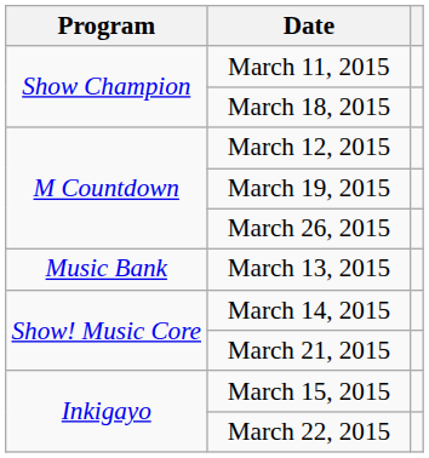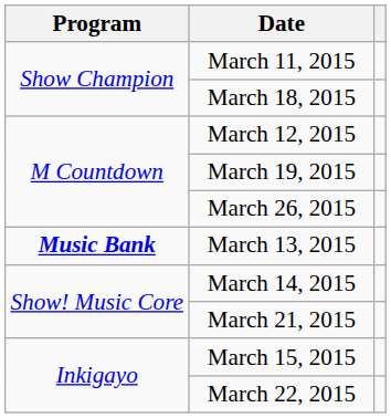 <table class="wikitable plainrowheaders sortable" style="text-align:center">
 <tr>
 <th scope="col">Program</th>
 <th scope="col" width="120">Date</th>
 <th scope="col" class="unsortable"></th>
 </tr>
 <tr>
 <td rowspan="2"><em><a href='#'>Show Champion</a></em></td>
 <td>March 11, 2015</td>
 <td></td>
 </tr>
 <tr>
 <td>March 18, 2015</td>
 <td></td>
 </tr>
 <tr>
 <td rowspan="3"><em><a href='#'>M Countdown</a></em></td>
 <td>March 12, 2015</td>
 <td></td>
 </tr>
 <tr>
 <td>March 19, 2015</td>
 <td></td>
 </tr>
 <tr>
 <td>March 26, 2015</td>
 <td></td>
 </tr>
 <tr>
-<td><em><a href='#'>Music Bank</a></em></td>
+<td><strong><em><a href='#'>Music Bank</a></em></strong></td>
 <td>March 13, 2015</td>
 <td></td>
 </tr>
 <tr>
 <td rowspan="2"><em><a href='#'>Show! Music Core</a></em></td>
 <td>March 14, 2015</td>
 <td></td>
 </tr>
 <tr>
 <td>March 21, 2015</td>
 <td></td>
 </tr>
 <tr>
 <td rowspan="2"><em><a href='#'>Inkigayo</a></em></td>
 <td>March 15, 2015</td>
 <td></td>
 </tr>
 <tr>
 <td>March 22, 2015</td>
 <td></td>
 </tr>
 </table>
